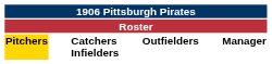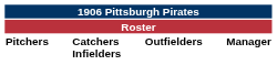 <table class="toccolours" style="font-size: 95%;">
 <tr>
 <th colspan="10" style="background-color: #023465; color: white; text-align: center;">1906 Pittsburgh Pirates</th>
 </tr>
 <tr>
 <td colspan="10" style="background-color: #ba313c; color: white; text-align: center;"><strong>Roster</strong></td>
 </tr>
 <tr>
-<td valign="top" style="background: gold;"><strong>Pitchers</strong><br>             </td>
+<td valign="top"><strong>Pitchers</strong><br>             </td>
 <td width="25px"></td>
 <td valign="top"><strong>Catchers</strong><br>     <strong>Infielders</strong>       </td>
 <td width="25px"></td>
 <td valign="top"><strong>Outfielders</strong><br>     </td>
 <td width="25px"></td>
 <td valign="top"><strong>Manager</strong><br></td>
 </tr>
 </table>
